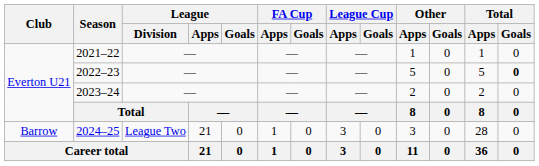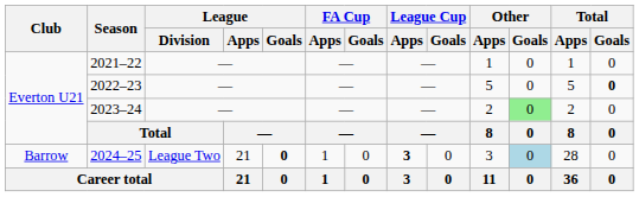 <table class="wikitable" style="text-align: center;">
 <tr>
 <th rowspan="2">Club</th>
 <th rowspan="2">Season</th>
 <th colspan="3">League</th>
 <th colspan="2"><a href='#'>FA Cup</a></th>
 <th colspan="2"><a href='#'>League Cup</a></th>
 <th colspan="2">Other</th>
 <th colspan="2">Total</th>
 </tr>
 <tr>
 <th>Division</th>
 <th>Apps</th>
 <th>Goals</th>
 <th>Apps</th>
 <th>Goals</th>
 <th>Apps</th>
 <th>Goals</th>
 <th>Apps</th>
 <th>Goals</th>
 <th>Apps</th>
 <th>Goals</th>
 </tr>
 <tr>
 <td rowspan="4"><a href='#'>Everton U21</a></td>
 <td>2021–22</td>
 <td colspan="3">—</td>
 <td colspan="2">—</td>
 <td colspan="2">—</td>
 <td>1</td>
 <td>0</td>
 <td>1</td>
 <td>0</td>
 </tr>
 <tr>
 <td>2022–23</td>
 <td colspan="3">—</td>
 <td colspan="2">—</td>
 <td colspan="2">—</td>
 <td>5</td>
 <td>0</td>
 <td>5</td>
 <td><strong>0</strong></td>
 </tr>
 <tr>
 <td>2023–24</td>
 <td colspan="3">—</td>
 <td colspan="2">—</td>
 <td colspan="2">—</td>
 <td>2</td>
-<td>0</td>
+<td style="background: lightgreen;">0</td>
 <td>2</td>
 <td>0</td>
 </tr>
 <tr>
 <th colspan="2">Total</th>
 <th colspan="2">—</th>
 <th colspan="2">—</th>
 <th colspan="2">—</th>
 <th>8</th>
 <th>0</th>
 <th>8</th>
 <th>0</th>
 </tr>
 <tr>
 <td><a href='#'>Barrow</a></td>
 <td><a href='#'>2024–25</a></td>
 <td><a href='#'>League Two</a></td>
 <td>21</td>
-<td>0</td>
+<td><strong>0</strong></td>
 <td>1</td>
 <td>0</td>
-<td>3</td>
+<td><strong>3</strong></td>
 <td>0</td>
 <td>3</td>
-<td>0</td>
+<td style="background: lightblue;">0</td>
 <td>28</td>
 <td>0</td>
 </tr>
 <tr>
 <th colspan="3">Career total</th>
 <th>21</th>
 <th>0</th>
 <th>1</th>
 <th>0</th>
 <th>3</th>
 <th>0</th>
 <th>11</th>
 <th>0</th>
 <th>36</th>
 <th>0</th>
 </tr>
 </table>
